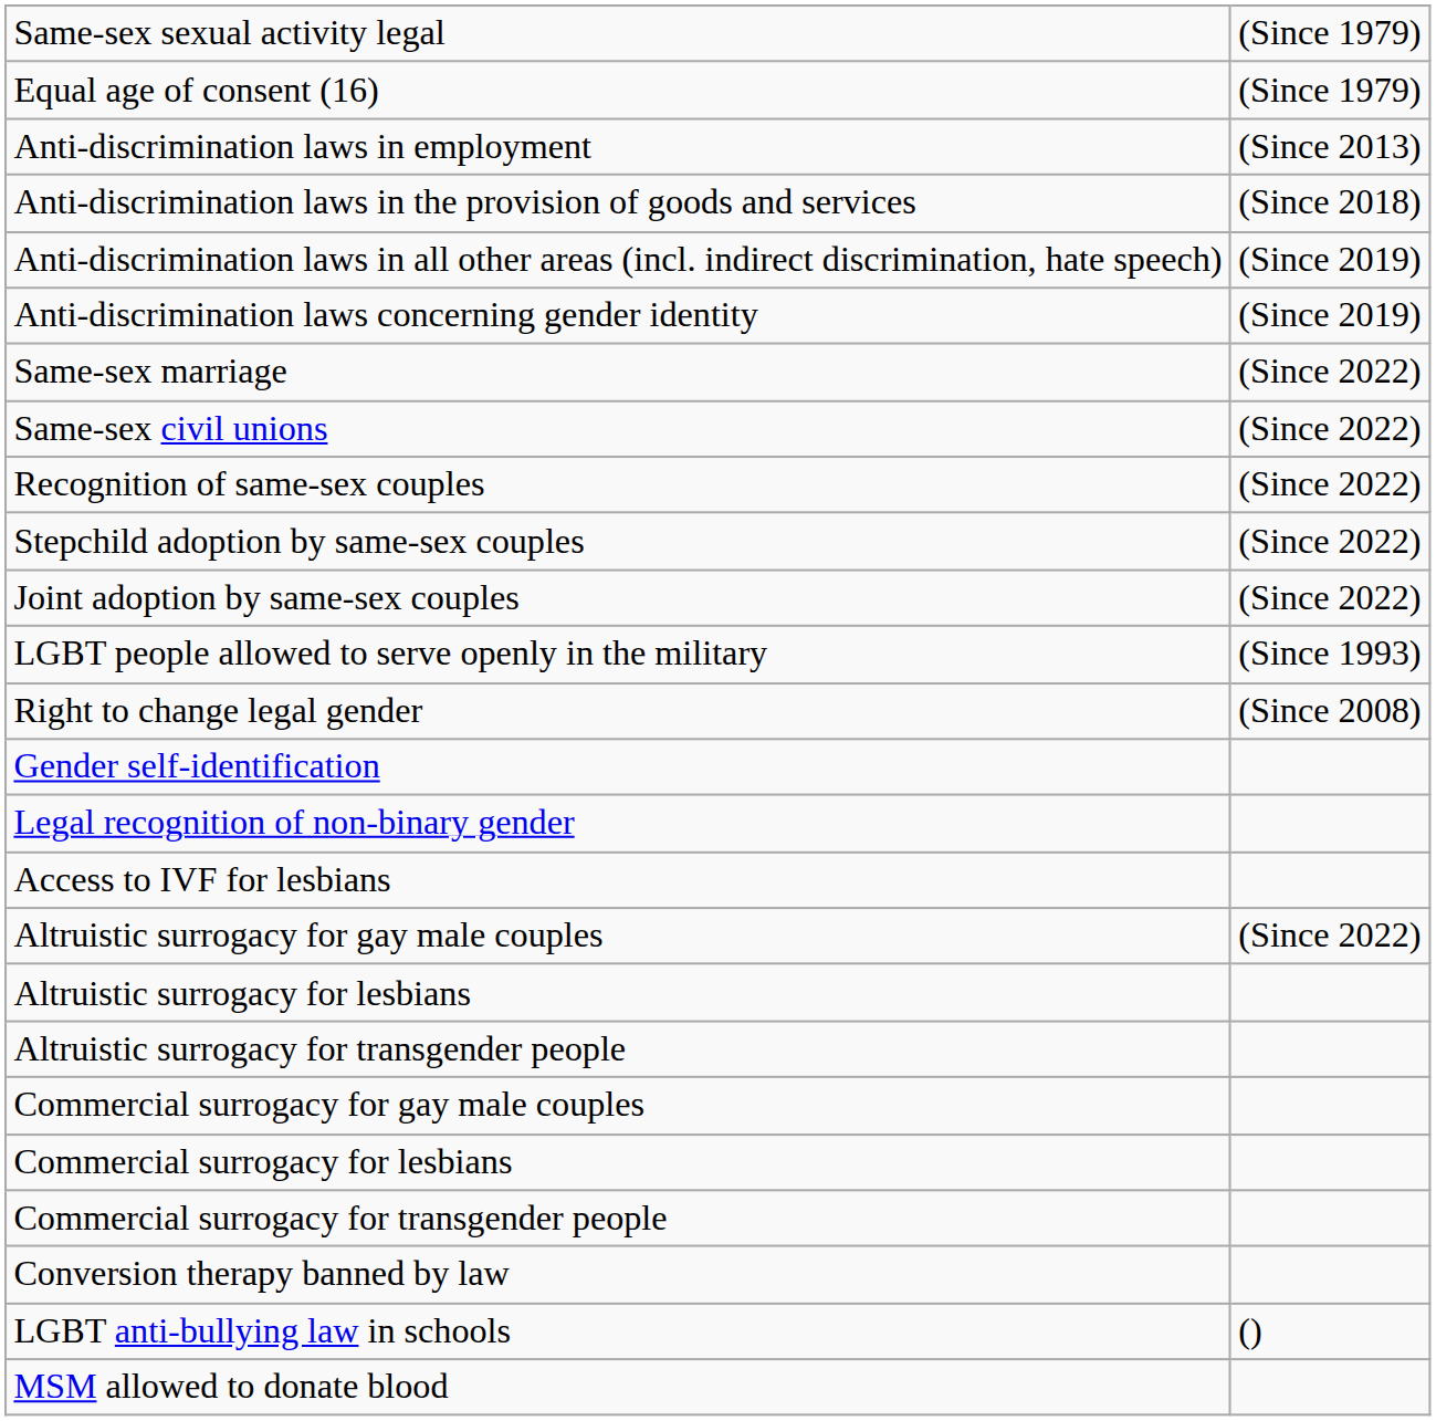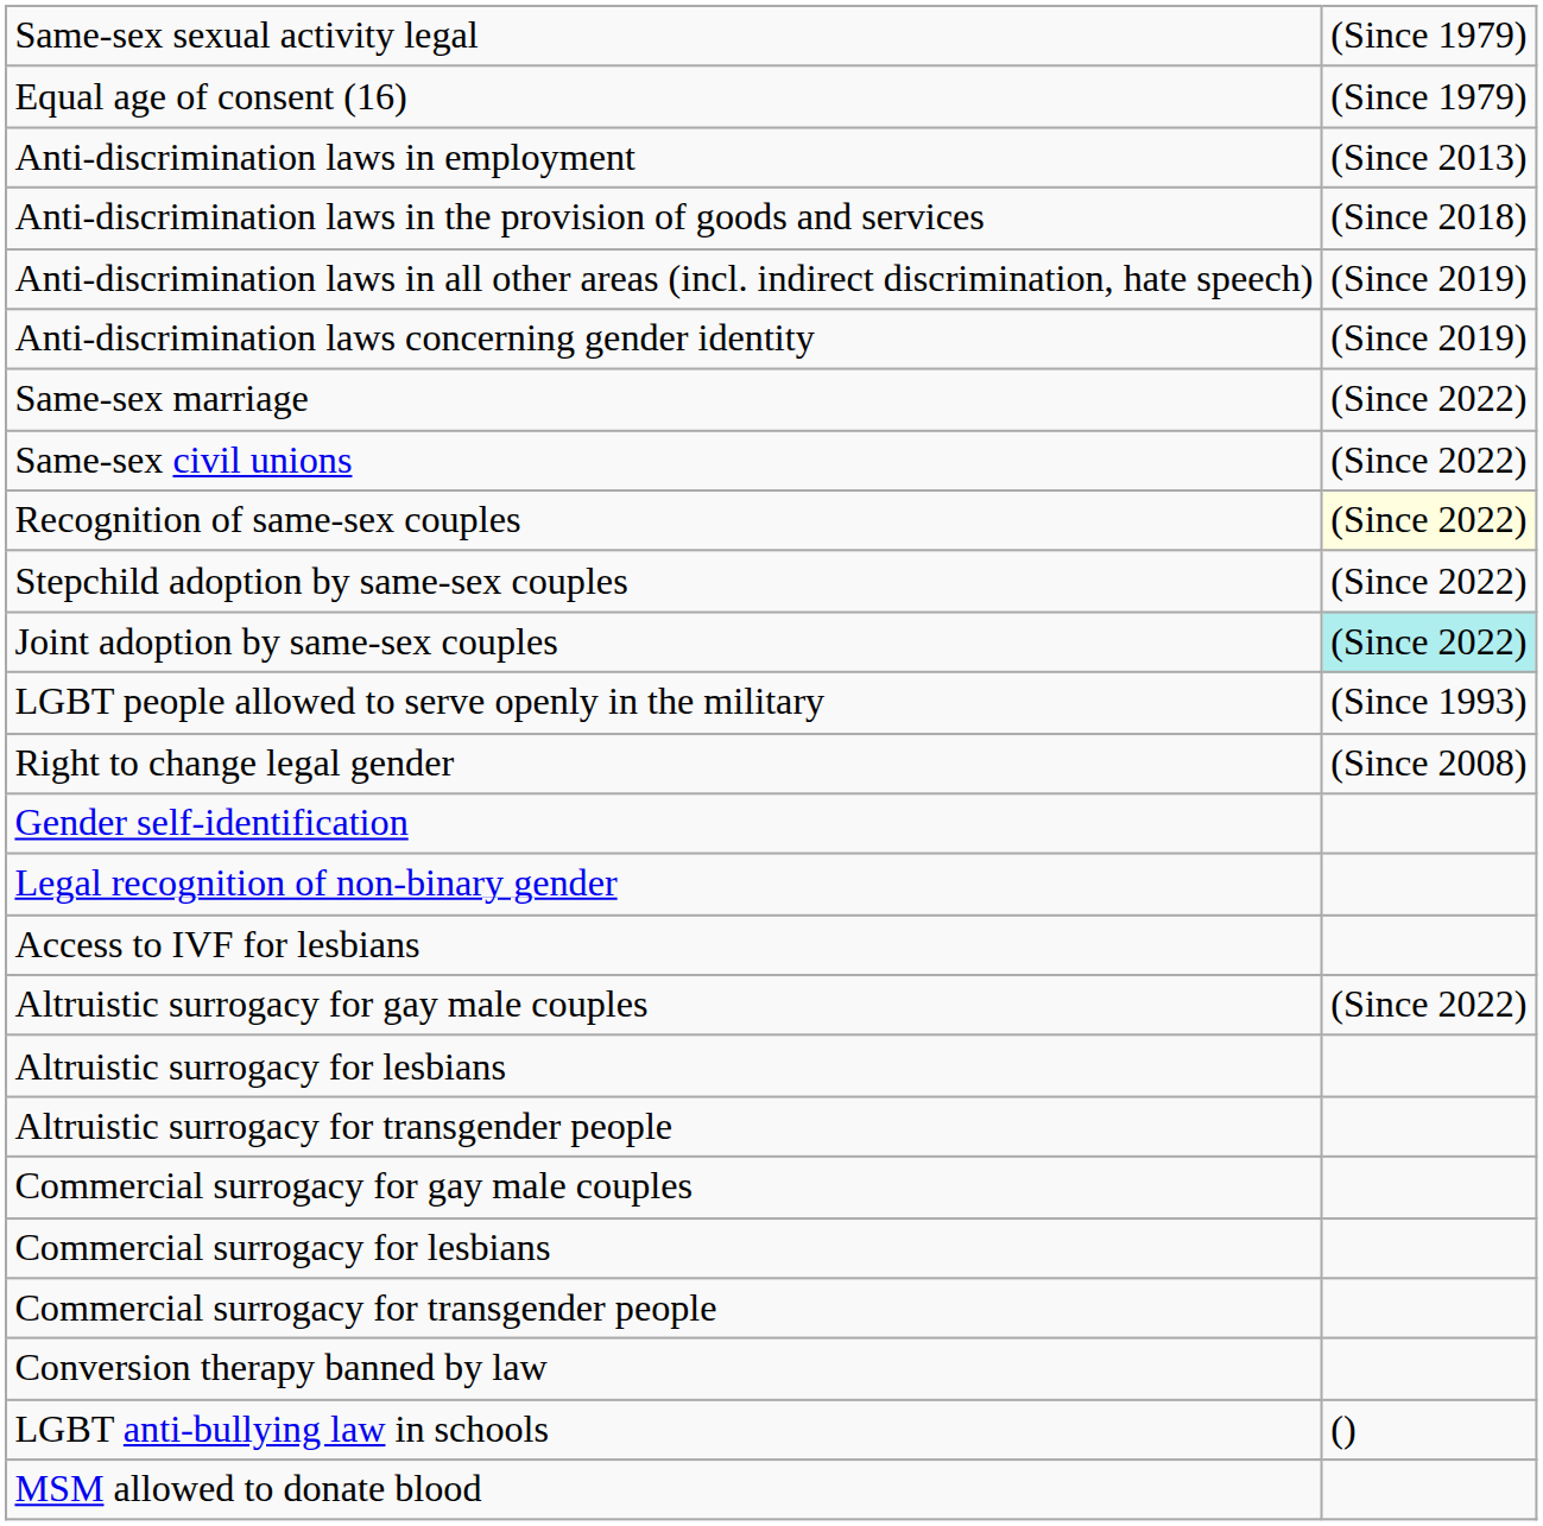 <table class="wikitable">
 <tr>
 <td>Same-sex sexual activity legal</td>
 <td> (Since 1979)</td>
 </tr>
 <tr>
 <td>Equal age of consent (16)</td>
 <td> (Since 1979)</td>
 </tr>
 <tr>
 <td>Anti-discrimination laws in employment</td>
 <td> (Since 2013)</td>
 </tr>
 <tr>
 <td>Anti-discrimination laws in the provision of goods and services</td>
 <td> (Since 2018)</td>
 </tr>
 <tr>
 <td>Anti-discrimination laws in all other areas (incl. indirect discrimination, hate speech)</td>
 <td> (Since 2019)</td>
 </tr>
 <tr>
 <td>Anti-discrimination laws concerning gender identity</td>
 <td> (Since 2019)</td>
 </tr>
 <tr>
 <td>Same-sex marriage</td>
 <td> (Since 2022)</td>
 </tr>
 <tr>
 <td>Same-sex <a href='#'>civil unions</a></td>
 <td> (Since 2022)</td>
 </tr>
 <tr>
 <td>Recognition of same-sex couples</td>
-<td> (Since 2022)</td>
+<td style="background: lightyellow;"> (Since 2022)</td>
 </tr>
 <tr>
 <td>Stepchild adoption by same-sex couples</td>
 <td> (Since 2022)</td>
 </tr>
 <tr>
 <td>Joint adoption by same-sex couples</td>
-<td> (Since 2022)</td>
+<td style="background: paleturquoise;"> (Since 2022)</td>
 </tr>
 <tr>
 <td>LGBT people allowed to serve openly in the military</td>
 <td> (Since 1993)</td>
 </tr>
 <tr>
 <td>Right to change legal gender</td>
 <td> (Since 2008)</td>
 </tr>
 <tr>
 <td><a href='#'>Gender self-identification</a></td>
 <td></td>
 </tr>
 <tr>
 <td><a href='#'>Legal recognition of non-binary gender</a></td>
 <td></td>
 </tr>
 <tr>
 <td>Access to IVF for lesbians</td>
 <td></td>
 </tr>
 <tr>
 <td>Altruistic surrogacy for gay male couples</td>
 <td> (Since 2022)</td>
 </tr>
 <tr>
 <td>Altruistic surrogacy for lesbians</td>
 <td></td>
 </tr>
 <tr>
 <td>Altruistic surrogacy for transgender people</td>
 <td></td>
 </tr>
 <tr>
 <td>Commercial surrogacy for gay male couples</td>
 <td></td>
 </tr>
 <tr>
 <td>Commercial surrogacy for lesbians</td>
 <td></td>
 </tr>
 <tr>
 <td>Commercial surrogacy for transgender people</td>
 <td></td>
 </tr>
 <tr>
 <td>Conversion therapy banned by law</td>
 <td></td>
 </tr>
 <tr>
 <td>LGBT <a href='#'>anti-bullying law</a> in schools</td>
 <td> ()</td>
 </tr>
 <tr>
 <td><a href='#'>MSM</a> allowed to donate blood</td>
 <td> </td>
 </tr>
 </table>
